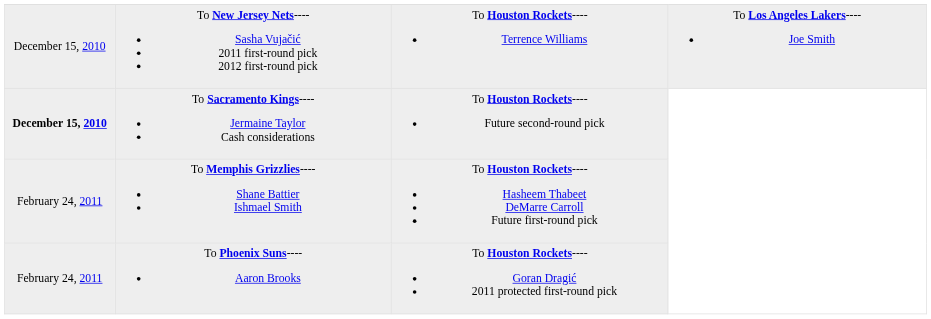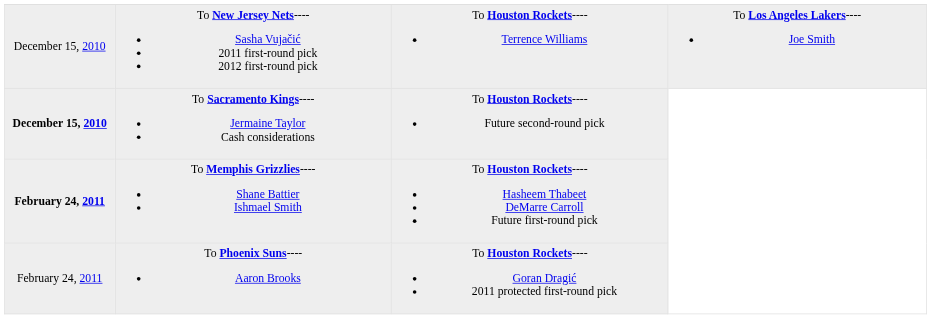 <table border=1 style="border-collapse:collapse; text-align: center; width: 100%" bordercolor="#DFDFDF"  cellpadding="5">
 <tr>
 </tr>
 <tr bgcolor="eeeeee">
 <td style="width:12%">December 15, <a href='#'>2010</a><br></td>
 <td style="width:30%" valign="top">To <strong><a href='#'>New Jersey Nets</a></strong>----<br><ul><li> <a href='#'>Sasha Vujačić</a></li><li>2011 first-round pick</li><li>2012 first-round pick</li></ul></td>
 <td style="width:30%" valign="top">To <strong><a href='#'>Houston Rockets</a></strong>----<br><ul><li> <a href='#'>Terrence Williams</a></li></ul></td>
 <td style="width:30%" valign="top">To <strong><a href='#'>Los Angeles Lakers</a></strong>----<br><ul><li> <a href='#'>Joe Smith</a></li></ul></td>
 </tr>
 <tr bgcolor="eeeeee">
 <td style="width:12%"><strong>December 15, <a href='#'>2010</a><br></strong></td>
 <td style="width:30%" valign="top">To <strong><a href='#'>Sacramento Kings</a></strong>----<br><ul><li> <a href='#'>Jermaine Taylor</a></li><li>Cash considerations</li></ul></td>
 <td style="width:30%" valign="top">To <strong><a href='#'>Houston Rockets</a></strong>----<br><ul><li>Future second-round pick</li></ul></td>
 </tr>
 <tr bgcolor="eeeeee">
-<td style="width:12%">February 24, <a href='#'>2011</a><br></td>
+<td style="width:12%"><strong>February 24, <a href='#'>2011</a><br></strong></td>
 <td style="width:30%" valign="top">To <strong><a href='#'>Memphis Grizzlies</a></strong>----<br><ul><li> <a href='#'>Shane Battier</a></li><li> <a href='#'>Ishmael Smith</a></li></ul></td>
 <td style="width:30%" valign="top">To <strong><a href='#'>Houston Rockets</a></strong>----<br><ul><li> <a href='#'>Hasheem Thabeet</a></li><li> <a href='#'>DeMarre Carroll</a></li><li>Future first-round pick</li></ul></td>
 </tr>
 <tr bgcolor="eeeeee">
 <td style="width:12%">February 24, <a href='#'>2011</a><br></td>
 <td style="width:30%" valign="top">To <strong><a href='#'>Phoenix Suns</a></strong>----<br><ul><li> <a href='#'>Aaron Brooks</a></li></ul></td>
 <td style="width:30%" valign="top">To <strong><a href='#'>Houston Rockets</a></strong>----<br><ul><li> <a href='#'>Goran Dragić</a></li><li>2011 protected first-round pick</li></ul></td>
 </tr>
 </table>
